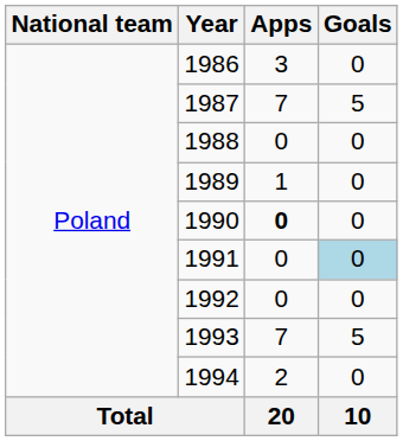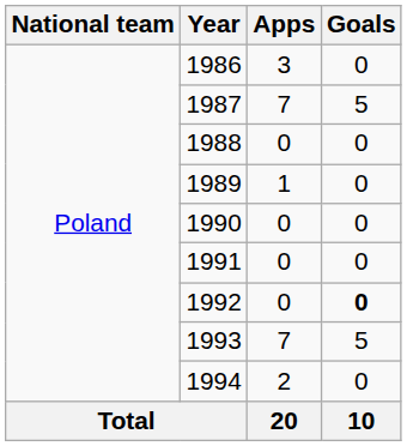 <table class="wikitable" style="text-align:center">
 <tr>
 <th>National team</th>
 <th>Year</th>
 <th>Apps</th>
 <th>Goals</th>
 </tr>
 <tr>
 <td rowspan="9"><a href='#'>Poland</a></td>
 <td>1986</td>
 <td>3</td>
 <td>0</td>
 </tr>
 <tr>
 <td>1987</td>
 <td>7</td>
 <td>5</td>
 </tr>
 <tr>
 <td>1988</td>
 <td>0</td>
 <td>0</td>
 </tr>
 <tr>
 <td>1989</td>
 <td>1</td>
 <td>0</td>
 </tr>
 <tr>
 <td>1990</td>
-<td><strong>0</strong></td>
+<td>0</td>
 <td>0</td>
 </tr>
 <tr>
 <td>1991</td>
 <td>0</td>
-<td style="background: lightblue;">0</td>
+<td>0</td>
 </tr>
 <tr>
 <td>1992</td>
 <td>0</td>
-<td>0</td>
+<td><strong>0</strong></td>
 </tr>
 <tr>
 <td>1993</td>
 <td>7</td>
 <td>5</td>
 </tr>
 <tr>
 <td>1994</td>
 <td>2</td>
 <td>0</td>
 </tr>
 <tr>
 <th colspan="2">Total</th>
 <th>20</th>
 <th>10</th>
 </tr>
 </table>
